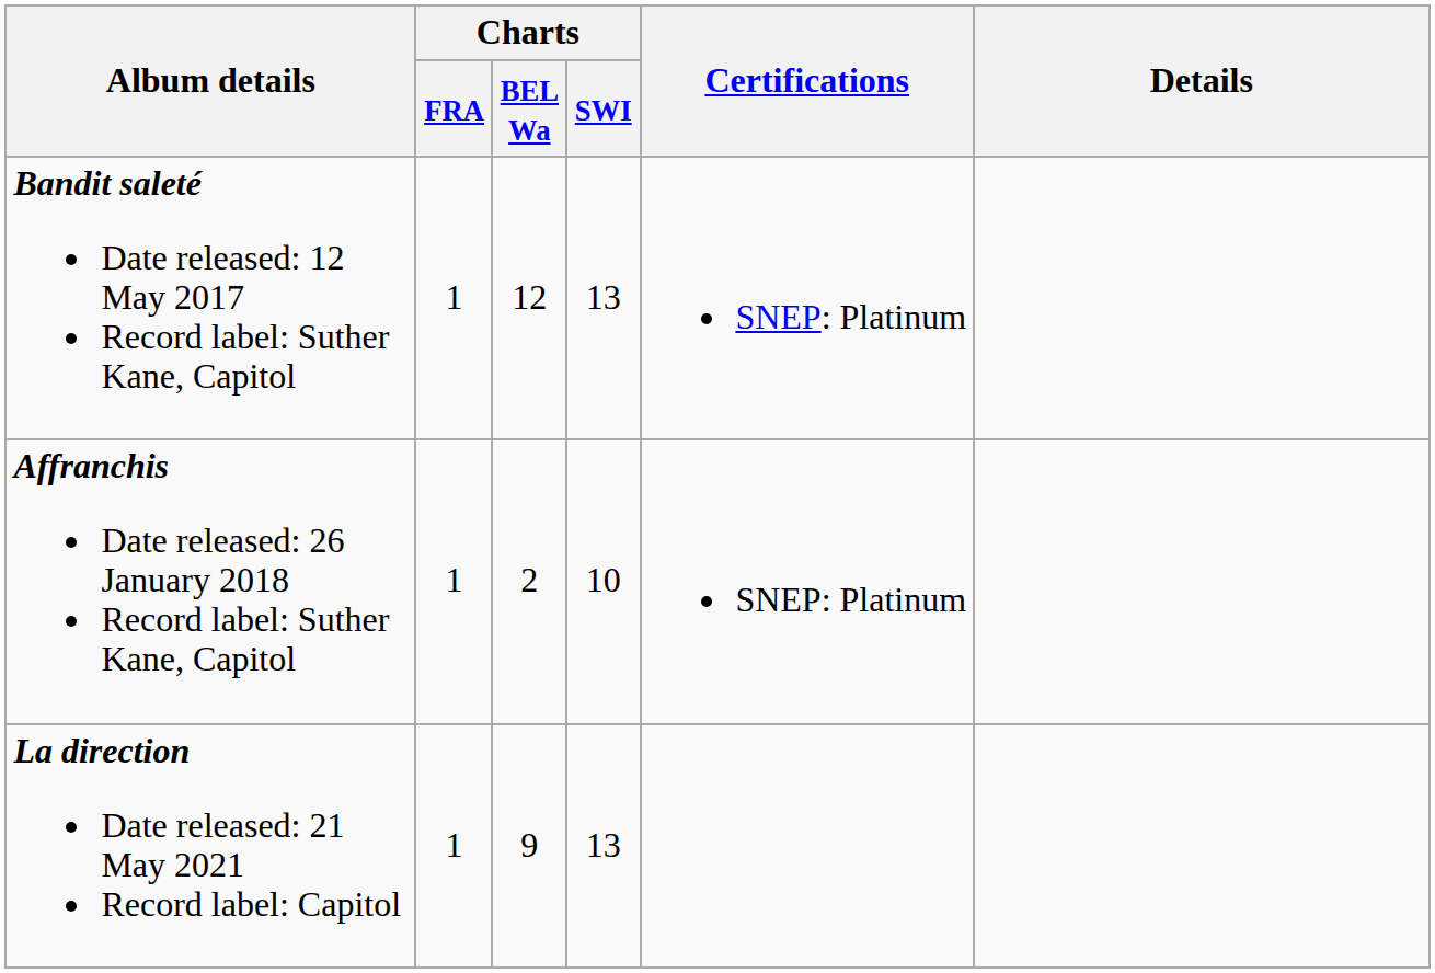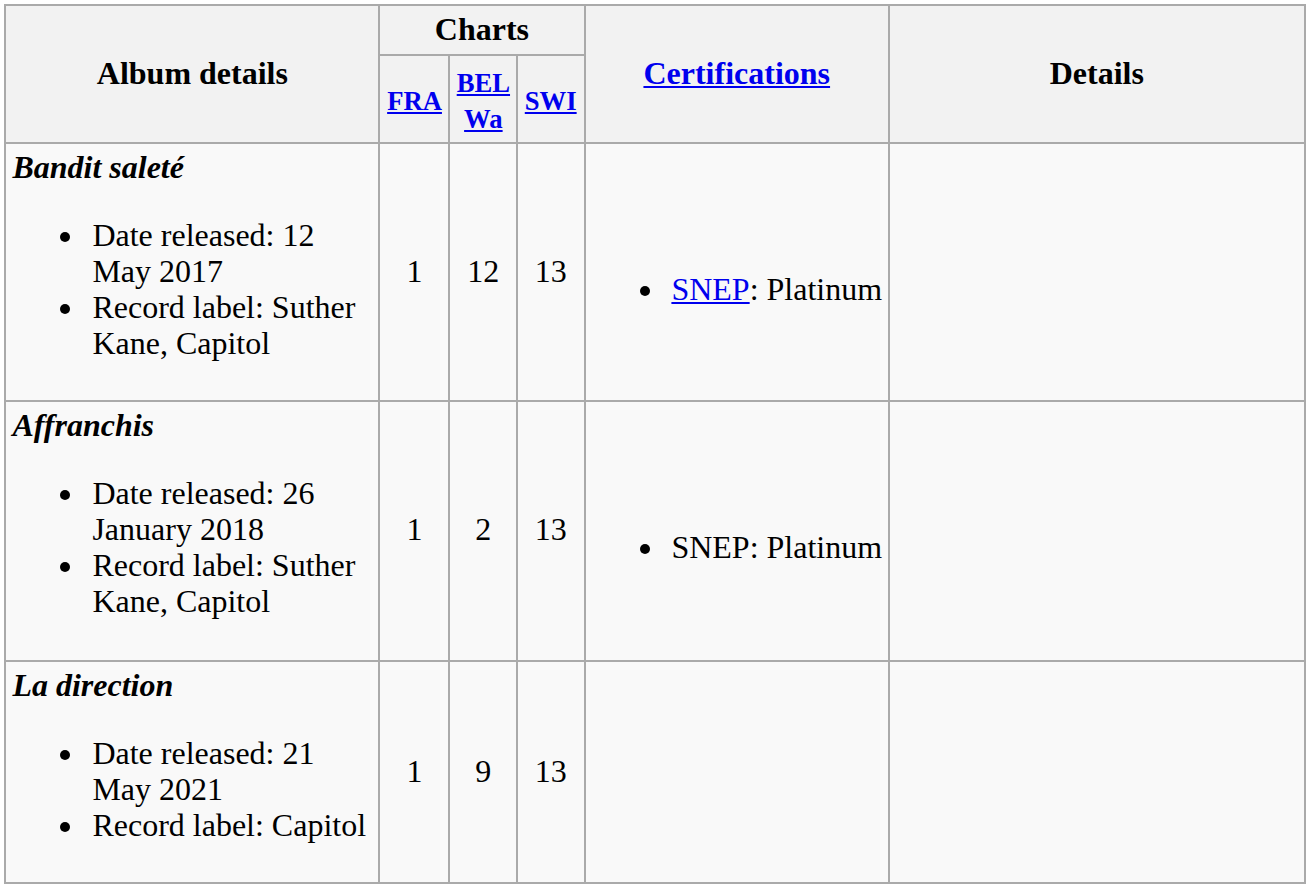 <table class="wikitable">
 <tr>
 <th align="center" rowspan="2" width="180">Album details</th>
 <th align="center" colspan="3">Charts</th>
 <th align="center" rowspan="2"><a href='#'>Certifications</a></th>
 <th align="center" rowspan="2" width="200">Details</th>
 </tr>
 <tr>
 <th width="20"><small><a href='#'>FRA</a></small><br></th>
 <th width="20"><small><a href='#'>BEL<br>Wa</a></small><br></th>
 <th width="20"><small><a href='#'>SWI</a></small><br></th>
 </tr>
 <tr>
 <td><strong><em>Bandit saleté</em></strong><br><ul><li>Date released: 12 May 2017</li><li>Record label: Suther Kane, Capitol</li></ul></td>
 <td align="center">1</td>
 <td align="center">12</td>
 <td align="center">13</td>
 <td><br><ul><li><a href='#'>SNEP</a>: Platinum</li></ul></td>
 <td></td>
 </tr>
 <tr>
 <td><strong><em>Affranchis</em></strong><br><ul><li>Date released: 26 January 2018</li><li>Record label: Suther Kane, Capitol</li></ul></td>
 <td align="center">1</td>
 <td align="center">2</td>
-<td align="center">10</td>
+<td align="center">13</td>
 <td><br><ul><li>SNEP: Platinum</li></ul></td>
 <td></td>
 </tr>
 <tr>
 <td><strong><em>La direction</em></strong><br><ul><li>Date released: 21 May 2021</li><li>Record label: Capitol</li></ul></td>
 <td align="center">1</td>
 <td align="center">9</td>
 <td align="center">13</td>
 <td></td>
 <td></td>
 </tr>
 </table>
